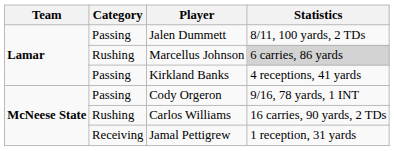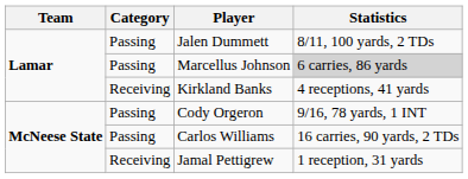 <table class="wikitable" style="float: left;">
 <tr>
 <th>Team</th>
 <th>Category</th>
 <th>Player</th>
 <th>Statistics</th>
 </tr>
 <tr>
 <td rowspan=3><strong>Lamar</strong></td>
 <td>Passing</td>
 <td>Jalen Dummett</td>
 <td>8/11, 100 yards, 2 TDs</td>
 </tr>
 <tr>
-<td>Rushing</td>
+<td>Passing</td>
 <td>Marcellus Johnson</td>
 <td style="background: lightgrey;">6 carries, 86 yards</td>
 </tr>
 <tr>
-<td>Passing</td>
+<td>Receiving</td>
 <td>Kirkland Banks</td>
 <td>4 receptions, 41 yards</td>
 </tr>
 <tr>
 <td rowspan=3><strong>McNeese State</strong></td>
 <td>Passing</td>
 <td>Cody Orgeron</td>
 <td>9/16, 78 yards, 1 INT</td>
 </tr>
 <tr>
-<td>Rushing</td>
+<td>Passing</td>
 <td>Carlos Williams</td>
 <td>16 carries, 90 yards, 2 TDs</td>
 </tr>
 <tr>
 <td>Receiving</td>
 <td>Jamal Pettigrew</td>
 <td>1 reception, 31 yards</td>
 </tr>
 </table>
